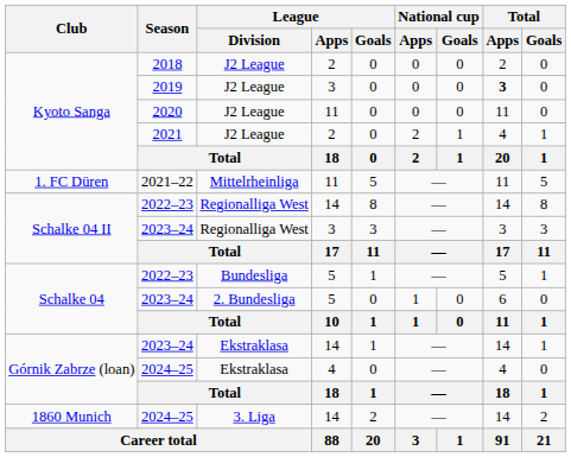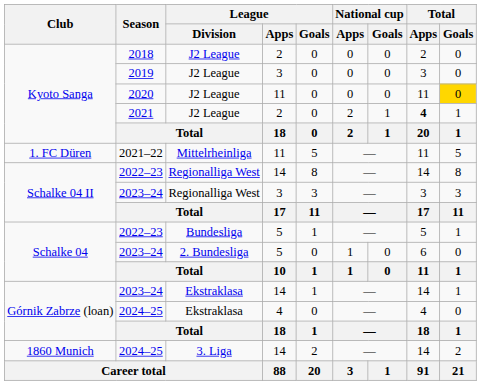 <table class="wikitable" style="text-align:center">
 <tr>
 <th rowspan="2">Club</th>
 <th rowspan="2">Season</th>
 <th colspan="3">League</th>
 <th colspan="2">National cup</th>
 <th colspan="2">Total</th>
 </tr>
 <tr>
 <th>Division</th>
 <th>Apps</th>
 <th>Goals</th>
 <th>Apps</th>
 <th>Goals</th>
 <th>Apps</th>
 <th>Goals</th>
 </tr>
 <tr>
 <td rowspan="5"><a href='#'>Kyoto Sanga</a></td>
 <td><a href='#'>2018</a></td>
 <td><a href='#'>J2 League</a></td>
 <td>2</td>
 <td>0</td>
 <td>0</td>
 <td>0</td>
 <td>2</td>
 <td>0</td>
 </tr>
 <tr>
 <td><a href='#'>2019</a></td>
 <td>J2 League</td>
 <td>3</td>
 <td>0</td>
 <td>0</td>
 <td>0</td>
-<td><strong>3</strong></td>
+<td>3</td>
 <td>0</td>
 </tr>
 <tr>
 <td><a href='#'>2020</a></td>
 <td>J2 League</td>
 <td>11</td>
 <td>0</td>
 <td>0</td>
 <td>0</td>
 <td>11</td>
-<td>0</td>
+<td style="background: gold;">0</td>
 </tr>
 <tr>
 <td><a href='#'>2021</a></td>
 <td>J2 League</td>
 <td>2</td>
 <td>0</td>
 <td>2</td>
 <td>1</td>
-<td>4</td>
+<td><strong>4</strong></td>
 <td>1</td>
 </tr>
 <tr>
 <th colspan="2">Total</th>
 <th>18</th>
 <th>0</th>
 <th>2</th>
 <th>1</th>
 <th>20</th>
 <th>1</th>
 </tr>
 <tr>
 <td><a href='#'>1. FC Düren</a></td>
 <td>2021–22</td>
 <td><a href='#'>Mittelrheinliga</a></td>
 <td>11</td>
 <td>5</td>
 <td colspan="2">—</td>
 <td>11</td>
 <td>5</td>
 </tr>
 <tr>
 <td rowspan="3"><a href='#'>Schalke 04 II</a></td>
 <td><a href='#'>2022–23</a></td>
 <td><a href='#'>Regionalliga West</a></td>
 <td>14</td>
 <td>8</td>
 <td colspan="2">—</td>
 <td>14</td>
 <td>8</td>
 </tr>
 <tr>
 <td><a href='#'>2023–24</a></td>
 <td>Regionalliga West</td>
 <td>3</td>
 <td>3</td>
 <td colspan="2">—</td>
 <td>3</td>
 <td>3</td>
 </tr>
 <tr>
 <th colspan="2">Total</th>
 <th>17</th>
 <th>11</th>
 <th colspan="2">—</th>
 <th>17</th>
 <th>11</th>
 </tr>
 <tr>
 <td rowspan="3"><a href='#'>Schalke 04</a></td>
 <td><a href='#'>2022–23</a></td>
 <td><a href='#'>Bundesliga</a></td>
 <td>5</td>
 <td>1</td>
 <td colspan="2">—</td>
 <td>5</td>
 <td>1</td>
 </tr>
 <tr>
 <td><a href='#'>2023–24</a></td>
 <td><a href='#'>2. Bundesliga</a></td>
 <td>5</td>
 <td>0</td>
 <td>1</td>
 <td>0</td>
 <td>6</td>
 <td>0</td>
 </tr>
 <tr>
 <th colspan="2">Total</th>
 <th>10</th>
 <th>1</th>
 <th>1</th>
 <th>0</th>
 <th>11</th>
 <th>1</th>
 </tr>
 <tr>
 <td rowspan="3"><a href='#'>Górnik Zabrze</a> (loan)</td>
 <td><a href='#'>2023–24</a></td>
 <td><a href='#'>Ekstraklasa</a></td>
 <td>14</td>
 <td>1</td>
 <td colspan="2">—</td>
 <td>14</td>
 <td>1</td>
 </tr>
 <tr>
 <td><a href='#'>2024–25</a></td>
 <td>Ekstraklasa</td>
 <td>4</td>
 <td>0</td>
 <td colspan="2">—</td>
 <td>4</td>
 <td>0</td>
 </tr>
 <tr>
 <th colspan="2">Total</th>
 <th>18</th>
 <th>1</th>
 <th colspan="2">—</th>
 <th>18</th>
 <th>1</th>
 </tr>
 <tr>
 <td><a href='#'>1860 Munich</a></td>
 <td><a href='#'>2024–25</a></td>
 <td><a href='#'>3. Liga</a></td>
 <td>14</td>
 <td>2</td>
 <td colspan="2">—</td>
 <td>14</td>
 <td>2</td>
 </tr>
 <tr>
 <th colspan="3">Career total</th>
 <th>88</th>
 <th>20</th>
 <th>3</th>
 <th>1</th>
 <th>91</th>
 <th>21</th>
 </tr>
 </table>
